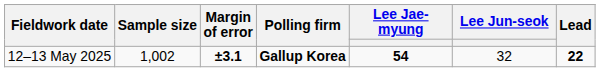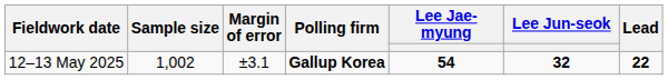 <table class="wikitable tpl-blanktable sortable tpl-blanktable mw-collapsible" style="text-align:center; font-size:85%; line-height:14px">
 <tr>
 <th class="unsortable" rowspan="2">Fieldwork date</th>
 <th class="unsortable" rowspan="2">Sample size</th>
 <th class="unsortable" rowspan="2">Margin<br>of error</th>
 <th class="unsortable" rowspan="2">Polling firm</th>
 <th class="unsortable" colspan="1" style="width:95px"><a href='#'>Lee Jae-myung</a></th>
 <th class="unsortable" colspan="1" style="width:95px"><a href='#'>Lee Jun-seok</a></th>
 <th rowspan="2" class="unsortable">Lead</th>
 </tr>
 <tr>
 <th colspan="1" style="background:"></th>
 <th colspan="1" style="background:"></th>
 </tr>
 <tr>
 <td data-sort-value="2025-5-13">12–13 May 2025</td>
 <td>1,002</td>
-<td><strong>±3.1</strong></td>
+<td>±3.1</td>
 <td><strong>Gallup Korea</strong></td>
 <td><strong>54</strong></td>
-<td>32</td>
+<td><strong>32</strong></td>
 <td style="background:"><strong>22</strong></td>
 </tr>
 </table>
